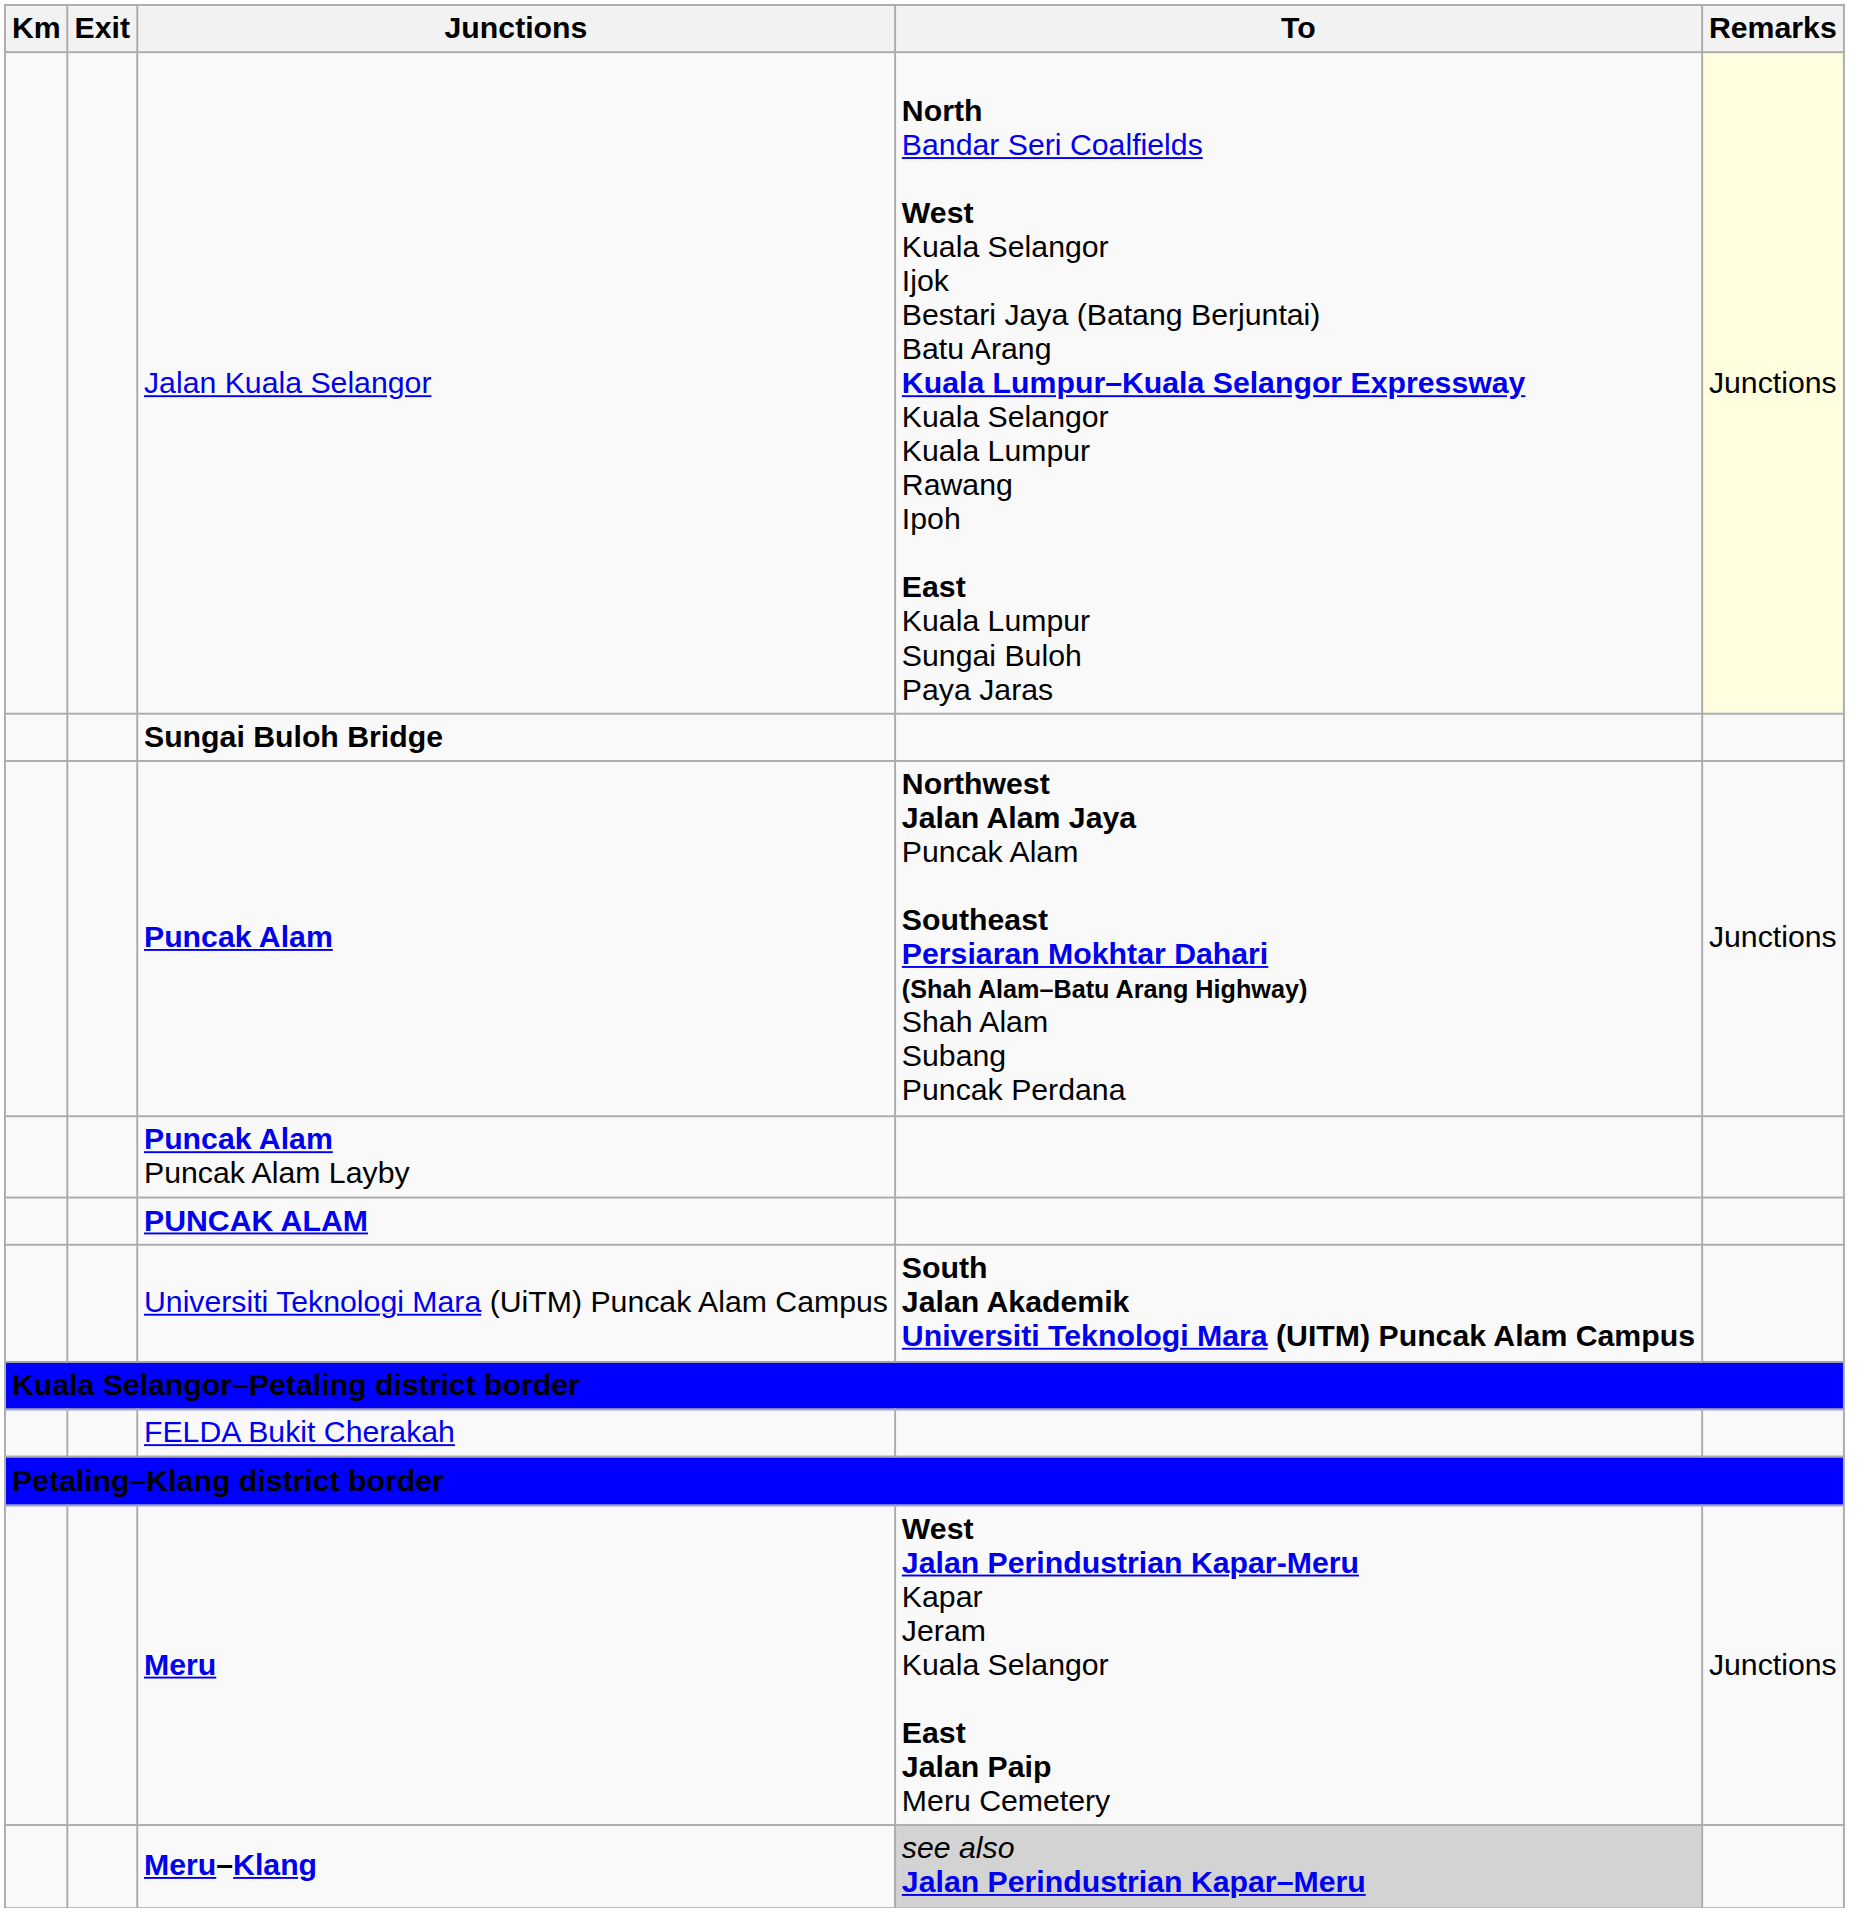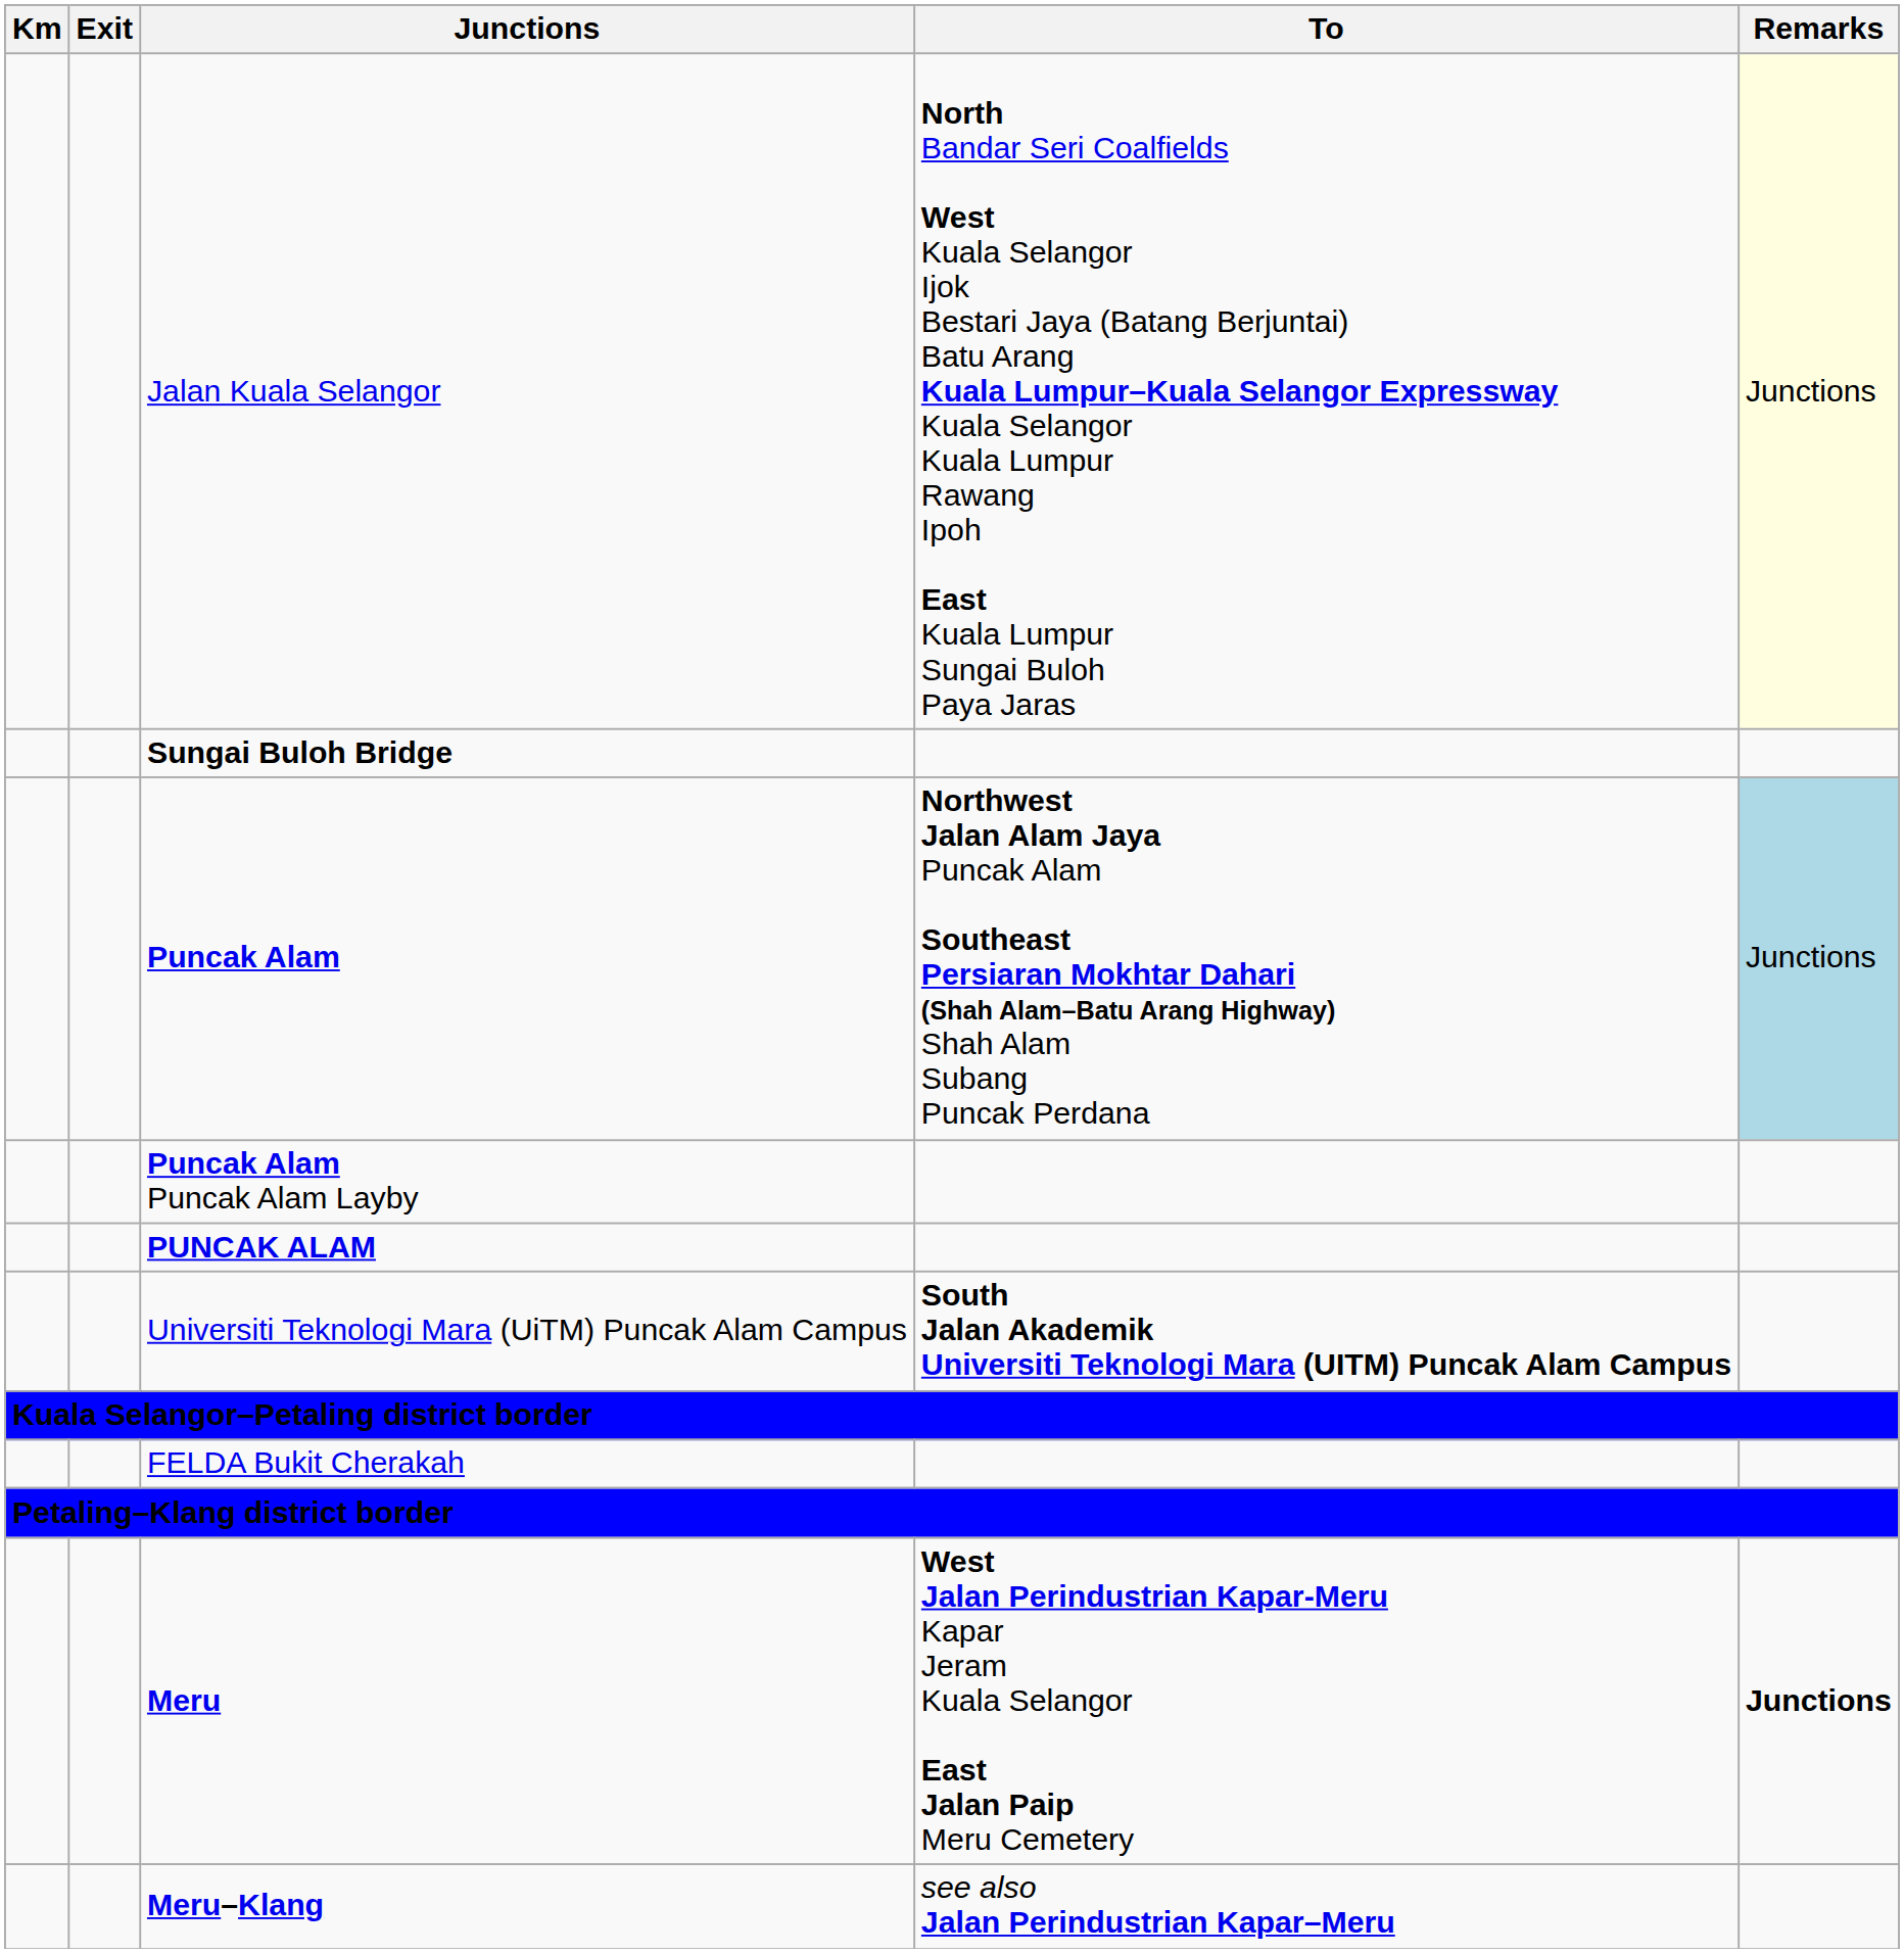 <table class="wikitable">
 <tr>
 <th>Km</th>
 <th>Exit</th>
 <th>Junctions</th>
 <th>To</th>
 <th>Remarks</th>
 </tr>
 <tr>
 <td></td>
 <td></td>
 <td><a href='#'>Jalan Kuala Selangor</a></td>
 <td><br><strong>North</strong><br><a href='#'>Bandar Seri Coalfields</a><br><br><strong>West</strong><br> Kuala Selangor<br> Ijok<br> Bestari Jaya (Batang Berjuntai)<br> Batu Arang<br> <strong><a href='#'>Kuala Lumpur–Kuala Selangor Expressway</a></strong><br> Kuala Selangor<br> Kuala Lumpur<br> Rawang<br>  Ipoh<br><br><strong>East</strong><br> Kuala Lumpur<br> Sungai Buloh<br> Paya Jaras</td>
 <td style="background: lightyellow;">Junctions</td>
 </tr>
 <tr>
 <td></td>
 <td></td>
 <td><strong>Sungai Buloh Bridge</strong></td>
 <td></td>
 <td></td>
 </tr>
 <tr>
 <td></td>
 <td></td>
 <td><strong><a href='#'>Puncak Alam</a></strong></td>
 <td><strong>Northwest</strong><br><strong>Jalan Alam Jaya</strong><br>Puncak Alam<br><br><strong>Southeast</strong><br> <strong><a href='#'>Persiaran Mokhtar Dahari</a></strong><br><small><strong>(Shah Alam–Batu Arang Highway)</strong></small><br>Shah Alam<br>Subang<br>Puncak Perdana</td>
-<td>Junctions</td>
+<td style="background: lightblue;">Junctions</td>
 </tr>
 <tr>
 <td></td>
 <td></td>
 <td><strong><a href='#'>Puncak Alam</a></strong><br> Puncak Alam Layby</td>
 <td></td>
 <td></td>
 </tr>
 <tr>
 <td></td>
 <td></td>
 <td><strong><a href='#'>PUNCAK ALAM</a></strong></td>
 <td></td>
 <td></td>
 </tr>
 <tr>
 <td></td>
 <td></td>
 <td><a href='#'>Universiti Teknologi Mara</a> (UiTM) Puncak Alam Campus</td>
 <td><strong>South</strong><br><strong>Jalan Akademik</strong><br><strong><a href='#'>Universiti Teknologi Mara</a> (UITM) Puncak Alam Campus</strong></td>
 <td></td>
 </tr>
 <tr>
 <td style="width:600px" colspan="6" style="text-align:center" bgcolor="blue"><strong><span>Kuala Selangor–Petaling district border</span></strong></td>
 </tr>
 <tr>
 <td></td>
 <td></td>
 <td><a href='#'>FELDA Bukit Cherakah</a></td>
 <td></td>
 <td></td>
 </tr>
 <tr>
 <td style="width:600px" colspan="6" style="text-align:center" bgcolor="blue"><strong><span>Petaling–Klang district border</span></strong></td>
 </tr>
 <tr>
 <td></td>
 <td></td>
 <td><strong><a href='#'>Meru</a></strong></td>
 <td><strong>West</strong><br> <strong><a href='#'>Jalan Perindustrian Kapar-Meru</a></strong><br>Kapar<br>Jeram<br>Kuala Selangor<br><br><strong>East</strong><br><strong>Jalan Paip</strong><br>Meru Cemetery</td>
-<td>Junctions</td>
+<td><strong>Junctions</strong></td>
 </tr>
 <tr>
 <td></td>
 <td></td>
 <td><strong><a href='#'>Meru</a>–<a href='#'>Klang</a></strong></td>
-<td style="background: lightgrey;"><em>see also</em><br> <strong><a href='#'>Jalan Perindustrian Kapar–Meru</a></strong></td>
+<td><em>see also</em><br> <strong><a href='#'>Jalan Perindustrian Kapar–Meru</a></strong></td>
 <td></td>
 </tr>
 </table>
